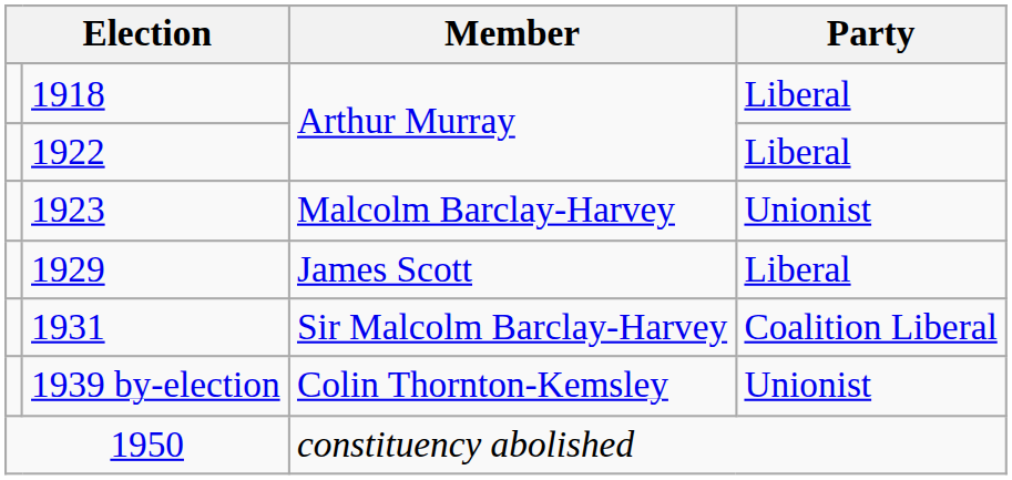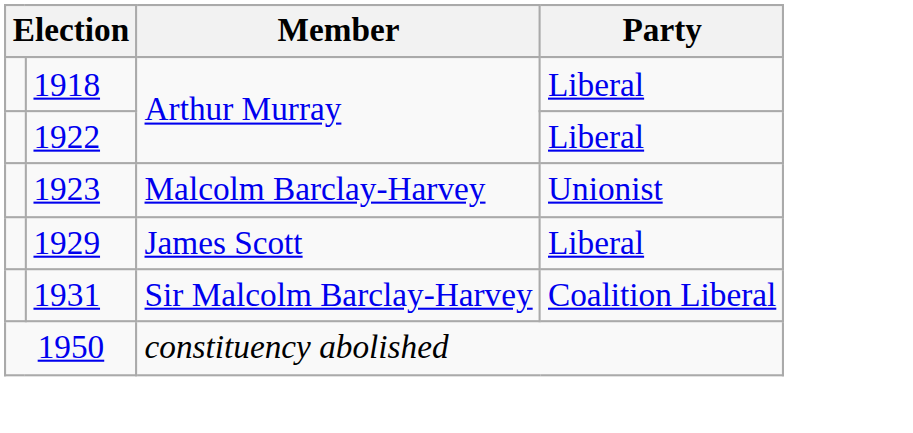 <table class="wikitable">
 <tr>
 <th colspan="2">Election</th>
 <th>Member</th>
 <th>Party</th>
 </tr>
 <tr>
 <td style="color:inherit;background-color: "></td>
 <td><a href='#'>1918</a></td>
 <td rowspan="2"><a href='#'>Arthur Murray</a></td>
 <td><a href='#'>Liberal</a></td>
 </tr>
 <tr>
 <td style="color:inherit;background-color: "></td>
 <td><a href='#'>1922</a></td>
 <td><a href='#'>Liberal</a></td>
 </tr>
 <tr>
 <td style="color:inherit;background-color: "></td>
 <td><a href='#'>1923</a></td>
 <td><a href='#'>Malcolm Barclay-Harvey</a></td>
 <td><a href='#'>Unionist</a></td>
 </tr>
 <tr>
 <td style="color:inherit;background-color: "></td>
 <td><a href='#'>1929</a></td>
 <td><a href='#'>James Scott</a></td>
 <td><a href='#'>Liberal</a></td>
 </tr>
 <tr>
 <td style="color:inherit;background-color: "></td>
 <td><a href='#'>1931</a></td>
 <td><a href='#'>Sir Malcolm Barclay-Harvey</a></td>
 <td><a href='#'>Coalition Liberal</a></td>
 </tr>
 <tr>
-<td style="color:inherit;background-color: "></td>
-<td><a href='#'>1939 by-election</a></td>
-<td><a href='#'>Colin Thornton-Kemsley</a></td>
-<td><a href='#'>Unionist</a></td>
-</tr>
-<tr>
 <td colspan="2" align="center"><a href='#'>1950</a></td>
 <td colspan="2"><em>constituency abolished</em></td>
 </tr>
 </table>
